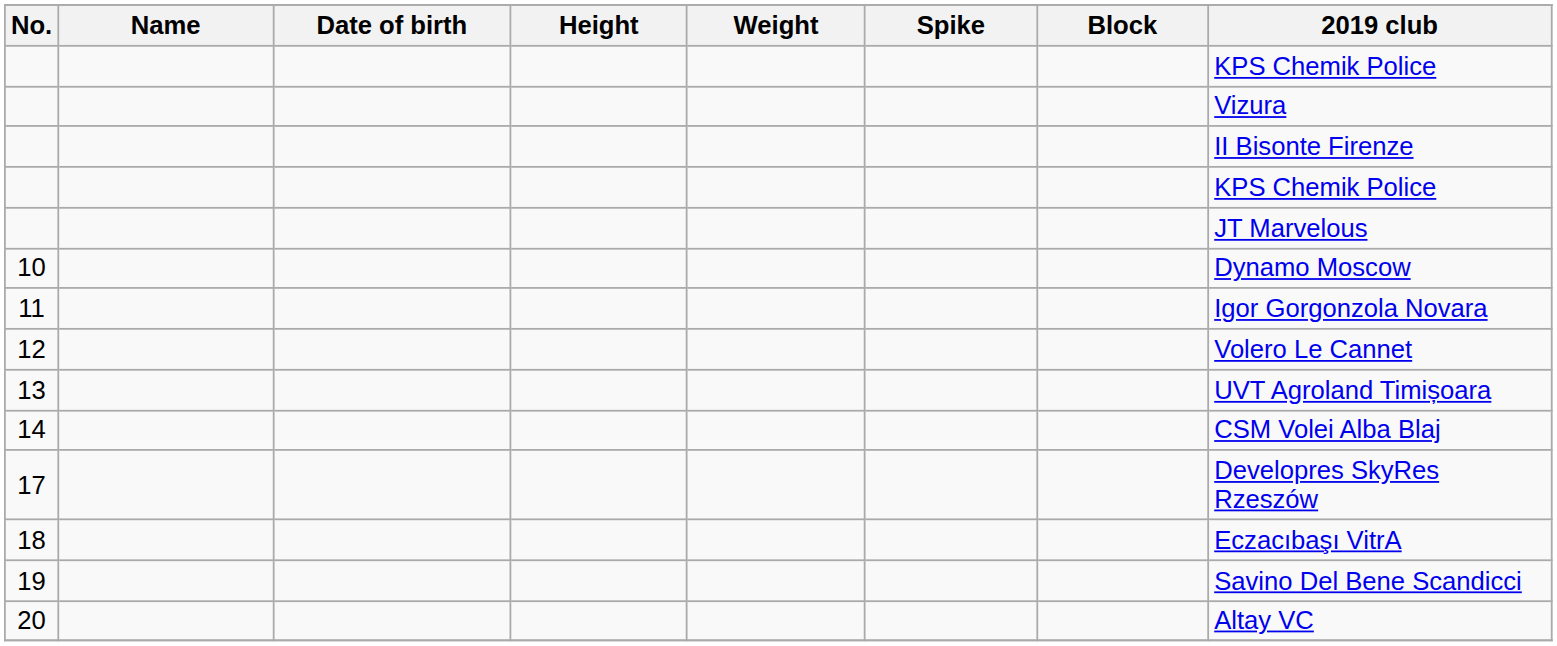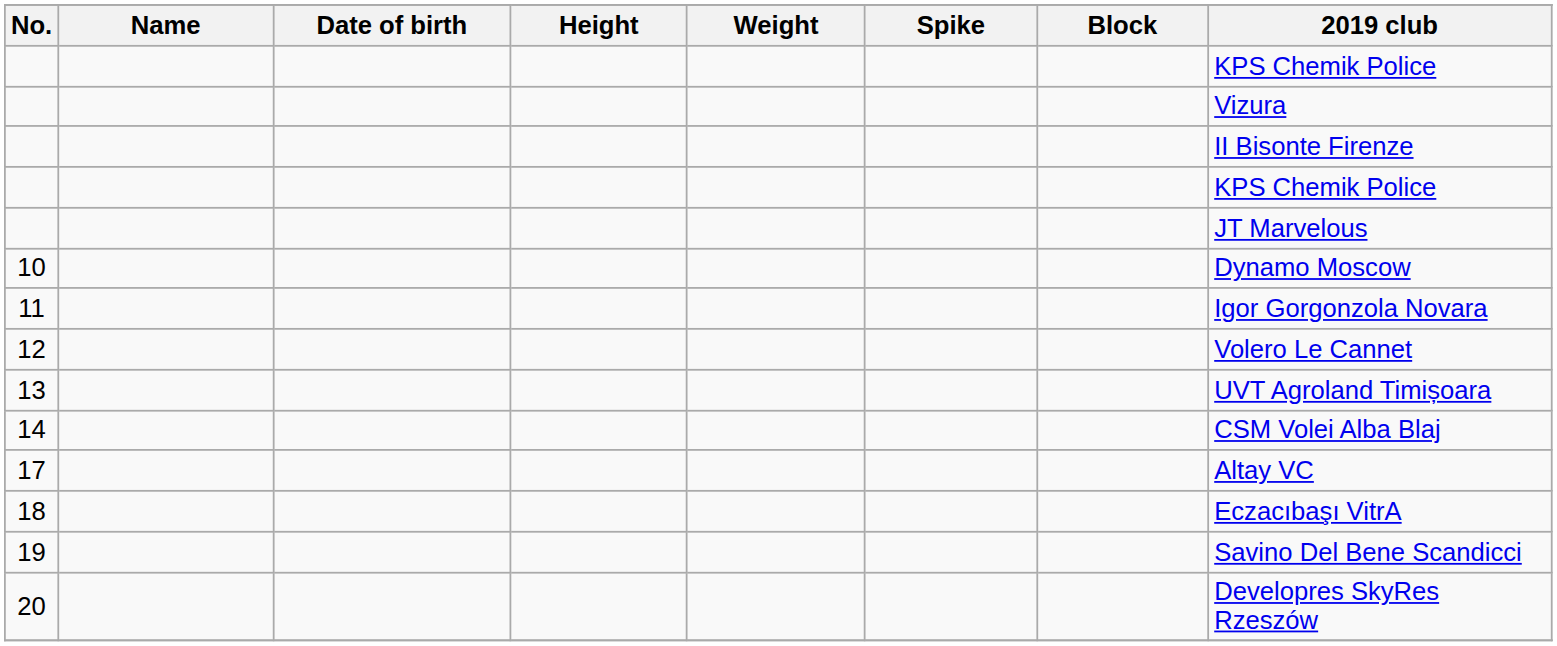 <table class="wikitable sortable" style="font-size:90%; text-align:center;">
 <tr>
 </tr>
 <tr>
 <th>No.</th>
 <th style="width:12em">Name</th>
 <th style="width:14em">Date of birth</th>
 <th style="width:9em">Height</th>
 <th style="width:9em">Weight</th>
 <th style="width:9em">Spike</th>
 <th style="width:9em">Block</th>
 <th style="width:19em">2019 club</th>
 </tr>
 <tr>
 <td></td>
 <td align=left></td>
 <td align=right></td>
 <td></td>
 <td></td>
 <td></td>
 <td></td>
 <td align=left> <a href='#'>KPS Chemik Police</a></td>
 </tr>
 <tr>
 <td></td>
 <td align=left></td>
 <td align=right></td>
 <td></td>
 <td></td>
 <td></td>
 <td></td>
 <td align=left> <a href='#'>Vizura</a></td>
 </tr>
 <tr>
 <td></td>
 <td align=left></td>
 <td align=right></td>
 <td></td>
 <td></td>
 <td></td>
 <td></td>
 <td align=left> <a href='#'>II Bisonte Firenze</a></td>
 </tr>
 <tr>
 <td></td>
 <td align=left></td>
 <td align=right></td>
 <td></td>
 <td></td>
 <td></td>
 <td></td>
 <td align=left> <a href='#'>KPS Chemik Police</a></td>
 </tr>
 <tr>
 <td></td>
 <td align=left></td>
 <td align=right></td>
 <td></td>
 <td></td>
 <td></td>
 <td></td>
 <td align=left> <a href='#'>JT Marvelous</a></td>
 </tr>
 <tr>
 <td>10</td>
 <td align=left></td>
 <td align=right></td>
 <td></td>
 <td></td>
 <td></td>
 <td></td>
 <td align=left> <a href='#'>Dynamo Moscow</a></td>
 </tr>
 <tr>
 <td>11</td>
 <td align=left></td>
 <td align=right></td>
 <td></td>
 <td></td>
 <td></td>
 <td></td>
 <td align=left> <a href='#'>Igor Gorgonzola Novara</a></td>
 </tr>
 <tr>
 <td>12</td>
 <td align=left></td>
 <td align=right></td>
 <td></td>
 <td></td>
 <td></td>
 <td></td>
 <td align=left> <a href='#'>Volero Le Cannet</a></td>
 </tr>
 <tr>
 <td>13</td>
 <td align=left></td>
 <td align=right></td>
 <td></td>
 <td></td>
 <td></td>
 <td></td>
 <td align=left> <a href='#'>UVT Agroland Timișoara</a></td>
 </tr>
 <tr>
 <td>14</td>
 <td align=left></td>
 <td align=right></td>
 <td></td>
 <td></td>
 <td></td>
 <td></td>
 <td align=left> <a href='#'>CSM Volei Alba Blaj</a></td>
 </tr>
 <tr>
 <td>17</td>
 <td align=left></td>
 <td align=right></td>
 <td></td>
 <td></td>
 <td></td>
 <td></td>
-<td align=left> <a href='#'>Developres SkyRes Rzeszów</a></td>
+<td align=left> <a href='#'>Altay VC</a></td>
 </tr>
 <tr>
 <td>18</td>
 <td align=left></td>
 <td align=right></td>
 <td></td>
 <td></td>
 <td></td>
 <td></td>
 <td align=left> <a href='#'>Eczacıbaşı VitrA</a></td>
 </tr>
 <tr>
 <td>19</td>
 <td align=left></td>
 <td align=right></td>
 <td></td>
 <td></td>
 <td></td>
 <td></td>
 <td align=left> <a href='#'>Savino Del Bene Scandicci</a></td>
 </tr>
 <tr>
 <td>20</td>
 <td align=left></td>
 <td align=right></td>
 <td></td>
 <td></td>
 <td></td>
 <td></td>
-<td align=left> <a href='#'>Altay VC</a></td>
+<td align=left> <a href='#'>Developres SkyRes Rzeszów</a></td>
 </tr>
 <tr>
 </tr>
 </table>
